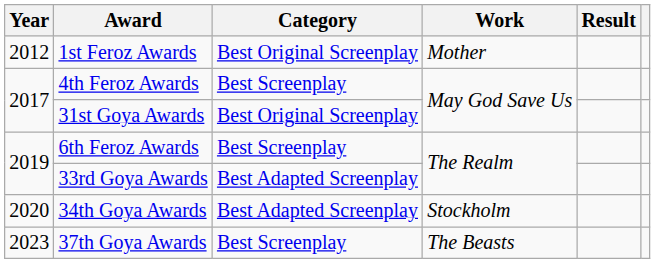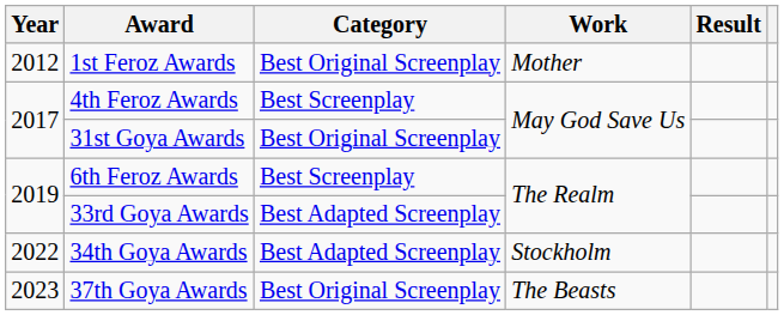 <table class="wikitable sortable plainrowheaders">
 <tr>
 <th>Year</th>
 <th>Award</th>
 <th>Category</th>
 <th>Work</th>
 <th>Result</th>
 <th scope="col" class="unsortable"></th>
 </tr>
 <tr>
 <td align = "center">2012</td>
 <td><a href='#'>1st Feroz Awards</a></td>
 <td><a href='#'>Best Original Screenplay</a></td>
 <td><em>Mother</em></td>
 <td></td>
 <td align = "center"></td>
 </tr>
 <tr>
 <td align = "center" rowspan = "2">2017</td>
 <td><a href='#'>4th Feroz Awards</a></td>
 <td><a href='#'>Best Screenplay</a></td>
 <td rowspan = "2"><em>May God Save Us</em></td>
 <td></td>
 <td align = "center"></td>
 </tr>
 <tr>
 <td><a href='#'>31st Goya Awards</a></td>
 <td><a href='#'>Best Original Screenplay</a></td>
 <td></td>
 <td align = "center"></td>
 </tr>
 <tr>
 <td align = "center" rowspan = "2">2019</td>
 <td><a href='#'>6th Feroz Awards</a></td>
 <td><a href='#'>Best Screenplay</a></td>
 <td rowspan = "2"><em>The Realm</em></td>
 <td></td>
 <td align="center"></td>
 </tr>
 <tr>
 <td><a href='#'>33rd Goya Awards</a></td>
 <td><a href='#'>Best Adapted Screenplay</a></td>
 <td></td>
 <td align="center"></td>
 </tr>
 <tr>
-<td align = "center">2020</td>
+<td align = "center">2022</td>
 <td><a href='#'>34th Goya Awards</a></td>
 <td><a href='#'>Best Adapted Screenplay</a></td>
 <td><em>Stockholm</em></td>
 <td></td>
 <td align="center"></td>
 </tr>
 <tr>
 <td align = "center">2023</td>
 <td><a href='#'>37th Goya Awards</a></td>
-<td><a href='#'>Best Screenplay</a></td>
+<td><a href='#'>Best Original Screenplay</a></td>
 <td><em>The Beasts</em></td>
 <td></td>
 <td align = "center"></td>
 </tr>
 </table>
